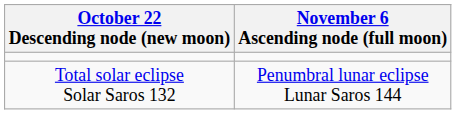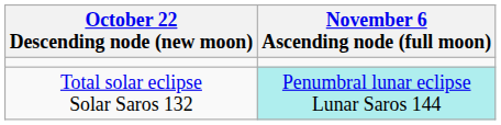 <table class="wikitable">
 <tr>
 <th><a href='#'>October 22</a><br>Descending node (new moon)</th>
 <th><a href='#'>November 6</a><br>Ascending node (full moon)</th>
 </tr>
 <tr>
 <td></td>
 <td></td>
 </tr>
 <tr align=center>
 <td><a href='#'>Total solar eclipse</a><br>Solar Saros 132</td>
-<td><a href='#'>Penumbral lunar eclipse</a><br>Lunar Saros 144</td>
+<td style="background: paleturquoise;"><a href='#'>Penumbral lunar eclipse</a><br>Lunar Saros 144</td>
 </tr>
 </table>
